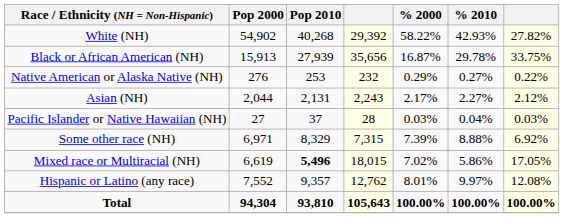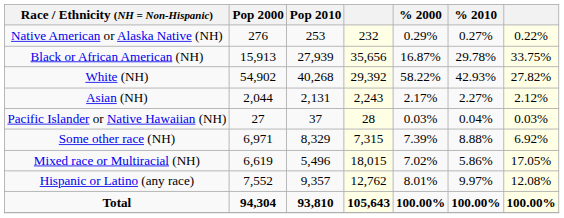 <table class="wikitable" style="text-align:center;">
 <tr>
 <th>Race / Ethnicity <small>(<em>NH = Non-Hispanic</em>)</small></th>
 <th>Pop 2000</th>
 <th>Pop 2010</th>
 <th></th>
 <th>% 2000</th>
 <th>% 2010</th>
 <th></th>
 </tr>
 <tr>
-<td><a href='#'>White</a> (NH)</td>
-<td>54,902</td>
-<td>40,268</td>
-<td style='background: #ffffe6;'>29,392</td>
-<td>58.22%</td>
-<td>42.93%</td>
-<td style='background: #ffffe6;'>27.82%</td>
+<td><a href='#'>Native American</a> or <a href='#'>Alaska Native</a> (NH)</td>
+<td>276</td>
+<td>253</td>
+<td style='background: #ffffe6;'>232</td>
+<td>0.29%</td>
+<td>0.27%</td>
+<td style='background: #ffffe6;'>0.22%</td>
 </tr>
 <tr>
 <td><a href='#'>Black or African American</a> (NH)</td>
 <td>15,913</td>
 <td>27,939</td>
 <td style='background: #ffffe6;'>35,656</td>
 <td>16.87%</td>
 <td>29.78%</td>
 <td style='background: #ffffe6;'>33.75%</td>
 </tr>
 <tr>
-<td><a href='#'>Native American</a> or <a href='#'>Alaska Native</a> (NH)</td>
-<td>276</td>
-<td>253</td>
-<td style='background: #ffffe6;'>232</td>
-<td>0.29%</td>
-<td>0.27%</td>
-<td style='background: #ffffe6;'>0.22%</td>
+<td><a href='#'>White</a> (NH)</td>
+<td>54,902</td>
+<td>40,268</td>
+<td style='background: #ffffe6;'>29,392</td>
+<td>58.22%</td>
+<td>42.93%</td>
+<td style='background: #ffffe6;'>27.82%</td>
 </tr>
 <tr>
 <td><a href='#'>Asian</a> (NH)</td>
 <td>2,044</td>
 <td>2,131</td>
 <td style='background: #ffffe6;'>2,243</td>
 <td>2.17%</td>
 <td>2.27%</td>
 <td style='background: #ffffe6;'>2.12%</td>
 </tr>
 <tr>
 <td><a href='#'>Pacific Islander</a> or <a href='#'>Native Hawaiian</a> (NH)</td>
 <td>27</td>
 <td>37</td>
 <td style='background: #ffffe6;'>28</td>
 <td>0.03%</td>
 <td>0.04%</td>
 <td style='background: #ffffe6;'>0.03%</td>
 </tr>
 <tr>
 <td><a href='#'>Some other race</a> (NH)</td>
 <td>6,971</td>
 <td>8,329</td>
 <td style='background: #ffffe6;'>7,315</td>
 <td>7.39%</td>
 <td>8.88%</td>
 <td style='background: #ffffe6;'>6.92%</td>
 </tr>
 <tr>
 <td><a href='#'>Mixed race or Multiracial</a> (NH)</td>
 <td>6,619</td>
-<td><strong>5,496</strong></td>
+<td>5,496</td>
 <td style='background: #ffffe6;'>18,015</td>
 <td>7.02%</td>
 <td>5.86%</td>
 <td style='background: #ffffe6;'>17.05%</td>
 </tr>
 <tr>
 <td><a href='#'>Hispanic or Latino</a> (any race)</td>
 <td>7,552</td>
 <td>9,357</td>
 <td style='background: #ffffe6;'>12,762</td>
 <td>8.01%</td>
 <td>9.97%</td>
 <td style='background: #ffffe6;'>12.08%</td>
 </tr>
 <tr>
 <td><strong>Total</strong></td>
 <td><strong>94,304</strong></td>
 <td><strong>93,810</strong></td>
 <td style='background: #ffffe6;'><strong>105,643</strong></td>
 <td><strong>100.00%</strong></td>
 <td><strong>100.00%</strong></td>
 <td style='background: #ffffe6;'><strong>100.00%</strong></td>
 </tr>
 <tr>
 </tr>
 </table>
